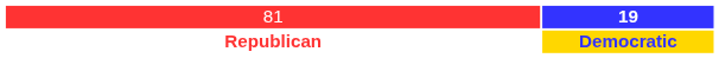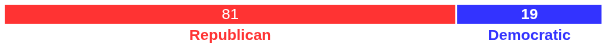 <table style="width:50%">
 <tr>
 <td scope="row" style="background:#F33; width:75%; text-align:center; color:white">81</td>
 <td style="background:#33F; width:24%; text-align:center; color:white"><strong>19</strong></td>
 </tr>
 <tr>
 <td scope="row" style="text-align:center; color:#F33"><strong>Republican</strong></td>
-<td style="background: gold; text-align:center; color:#33F"><strong>Democratic</strong></td>
+<td style="text-align:center; color:#33F"><strong>Democratic</strong></td>
 </tr>
 </table>
